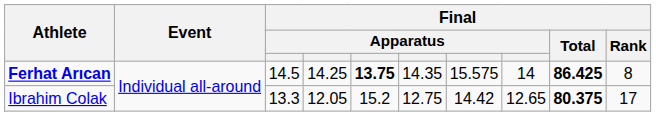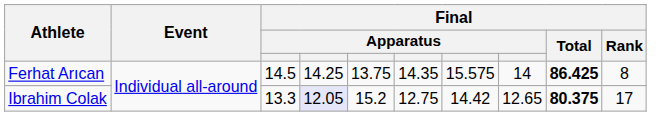 <table class="wikitable" style="font-size:90%">
 <tr>
 <th rowspan=3>Athlete</th>
 <th rowspan=3>Event</th>
 <th colspan =8>Final</th>
 </tr>
 <tr style="font-size:95%">
 <th colspan=6>Apparatus</th>
 <th rowspan=2>Total</th>
 <th rowspan=2>Rank</th>
 </tr>
 <tr style="font-size:95%">
 <th></th>
 <th></th>
 <th></th>
 <th></th>
 <th></th>
 <th></th>
 </tr>
 <tr align=center>
-<td align=left><strong><a href='#'>Ferhat Arıcan</a></strong></td>
+<td align=left><a href='#'>Ferhat Arıcan</a></td>
 <td style="text-align:left;" rowspan="2"><a href='#'>Individual all-around</a></td>
 <td>14.5</td>
 <td>14.25</td>
-<td><strong>13.75</strong></td>
+<td>13.75</td>
 <td>14.35</td>
 <td>15.575</td>
 <td>14</td>
 <td><strong>86.425</strong></td>
 <td>8</td>
 </tr>
 <tr align=center>
 <td align=left><a href='#'>Ibrahim Colak</a></td>
 <td>13.3</td>
-<td>12.05</td>
+<td style="background: lavender;">12.05</td>
 <td>15.2</td>
 <td>12.75</td>
 <td>14.42</td>
 <td>12.65</td>
 <td><strong>80.375</strong></td>
 <td>17</td>
 </tr>
 </table>
